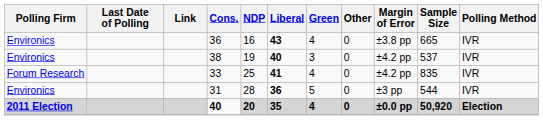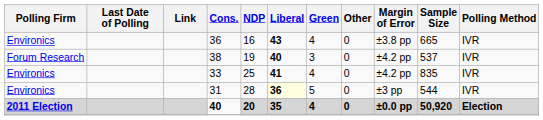 <table class="wikitable sortable">
 <tr style="background:#e9e9e9;">
 <th style="width:120px">Polling Firm</th>
 <th style="width:110px">Last Date<br>of Polling</th>
 <th style="width:60px" class="unsortable">Link</th>
 <th style="background-color:"><strong><a href='#'>Cons.</a></strong></th>
 <th style="background-color:"><strong><a href='#'>NDP</a></strong></th>
 <th style="background-color:"><strong><a href='#'>Liberal</a></strong></th>
 <th style="background-color:"><strong><a href='#'>Green</a></strong></th>
 <th style="background-color:"><strong>Other</strong></th>
 <th style="width:60px;" class=unsortable>Margin<br>of Error</th>
 <th style="width:50px;" class=unsortable>Sample<br>Size</th>
 <th class=unsortable>Polling Method</th>
 </tr>
 <tr>
 <td><a href='#'>Environics</a></td>
 <td></td>
 <td></td>
 <td>36</td>
 <td>16</td>
 <td><strong>43</strong></td>
 <td>4</td>
 <td>0</td>
 <td>±3.8 pp</td>
 <td>665</td>
 <td>IVR</td>
 </tr>
 <tr>
-<td><a href='#'>Environics</a></td>
+<td><a href='#'>Forum Research</a></td>
 <td></td>
 <td></td>
 <td>38</td>
 <td>19</td>
 <td><strong>40</strong></td>
 <td>3</td>
 <td>0</td>
 <td>±4.2 pp</td>
 <td>537</td>
 <td>IVR</td>
 </tr>
 <tr>
-<td><a href='#'>Forum Research</a></td>
+<td><a href='#'>Environics</a></td>
 <td></td>
 <td></td>
 <td>33</td>
 <td>25</td>
 <td><strong>41</strong></td>
 <td>4</td>
 <td>0</td>
 <td>±4.2 pp</td>
 <td>835</td>
 <td>IVR</td>
 </tr>
 <tr>
 <td><a href='#'>Environics</a></td>
 <td></td>
 <td></td>
 <td>31</td>
 <td>28</td>
-<td><strong>36</strong></td>
+<td style="background: lightyellow;"><strong>36</strong></td>
 <td>5</td>
 <td>0</td>
 <td>±3 pp</td>
 <td>544</td>
 <td>IVR</td>
 </tr>
 <tr>
 <td style="background:#D5D5D5"><strong><a href='#'>2011 Election</a></strong></td>
 <td style="background:#D5D5D5"><strong></strong></td>
 <td style="background:#D5D5D5"></td>
 <td><strong>40</strong></td>
 <td style="background:#D5D5D5"><strong>20</strong></td>
 <td style="background:#D5D5D5"><strong>35</strong></td>
 <td style="background:#D5D5D5"><strong>4</strong></td>
 <td style="background:#D5D5D5"><strong>0</strong></td>
 <td style="background:#D5D5D5"><strong>±0.0 pp</strong></td>
 <td style="background:#D5D5D5"><strong>50,920</strong></td>
 <td style="background:#D5D5D5"><strong>Election</strong></td>
 </tr>
 <tr>
 </tr>
 <tr>
 </tr>
 </table>
